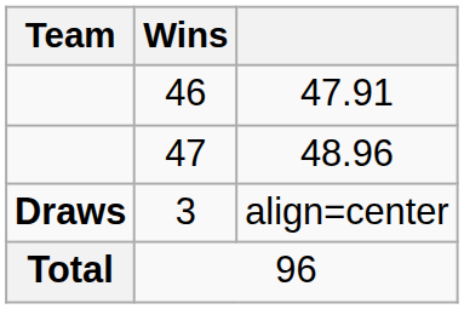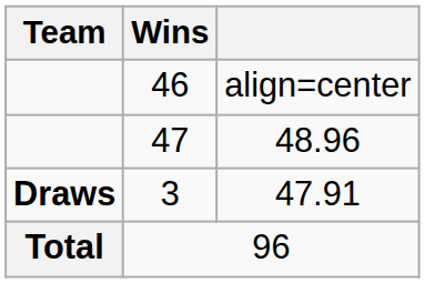 <table class="wikitable" style="float: right">
 <tr style="font-size: 96%;">
 <th>Team</th>
 <th width=35px>Wins</th>
 <th width=35px></th>
 </tr>
 <tr>
 <td></td>
 <td align=center>46</td>
-<td align=center>47.91</td>
+<td>align=center </td>
 </tr>
 <tr>
 <td></td>
 <td align=center>47</td>
 <td align=center>48.96</td>
 </tr>
 <tr>
 <td><strong>Draws</strong></td>
 <td align=center>3</td>
-<td>align=center </td>
+<td align=center>47.91</td>
 </tr>
 <tr>
 <th>Total</th>
 <td align=center colspan=2>96</td>
 </tr>
 </table>
